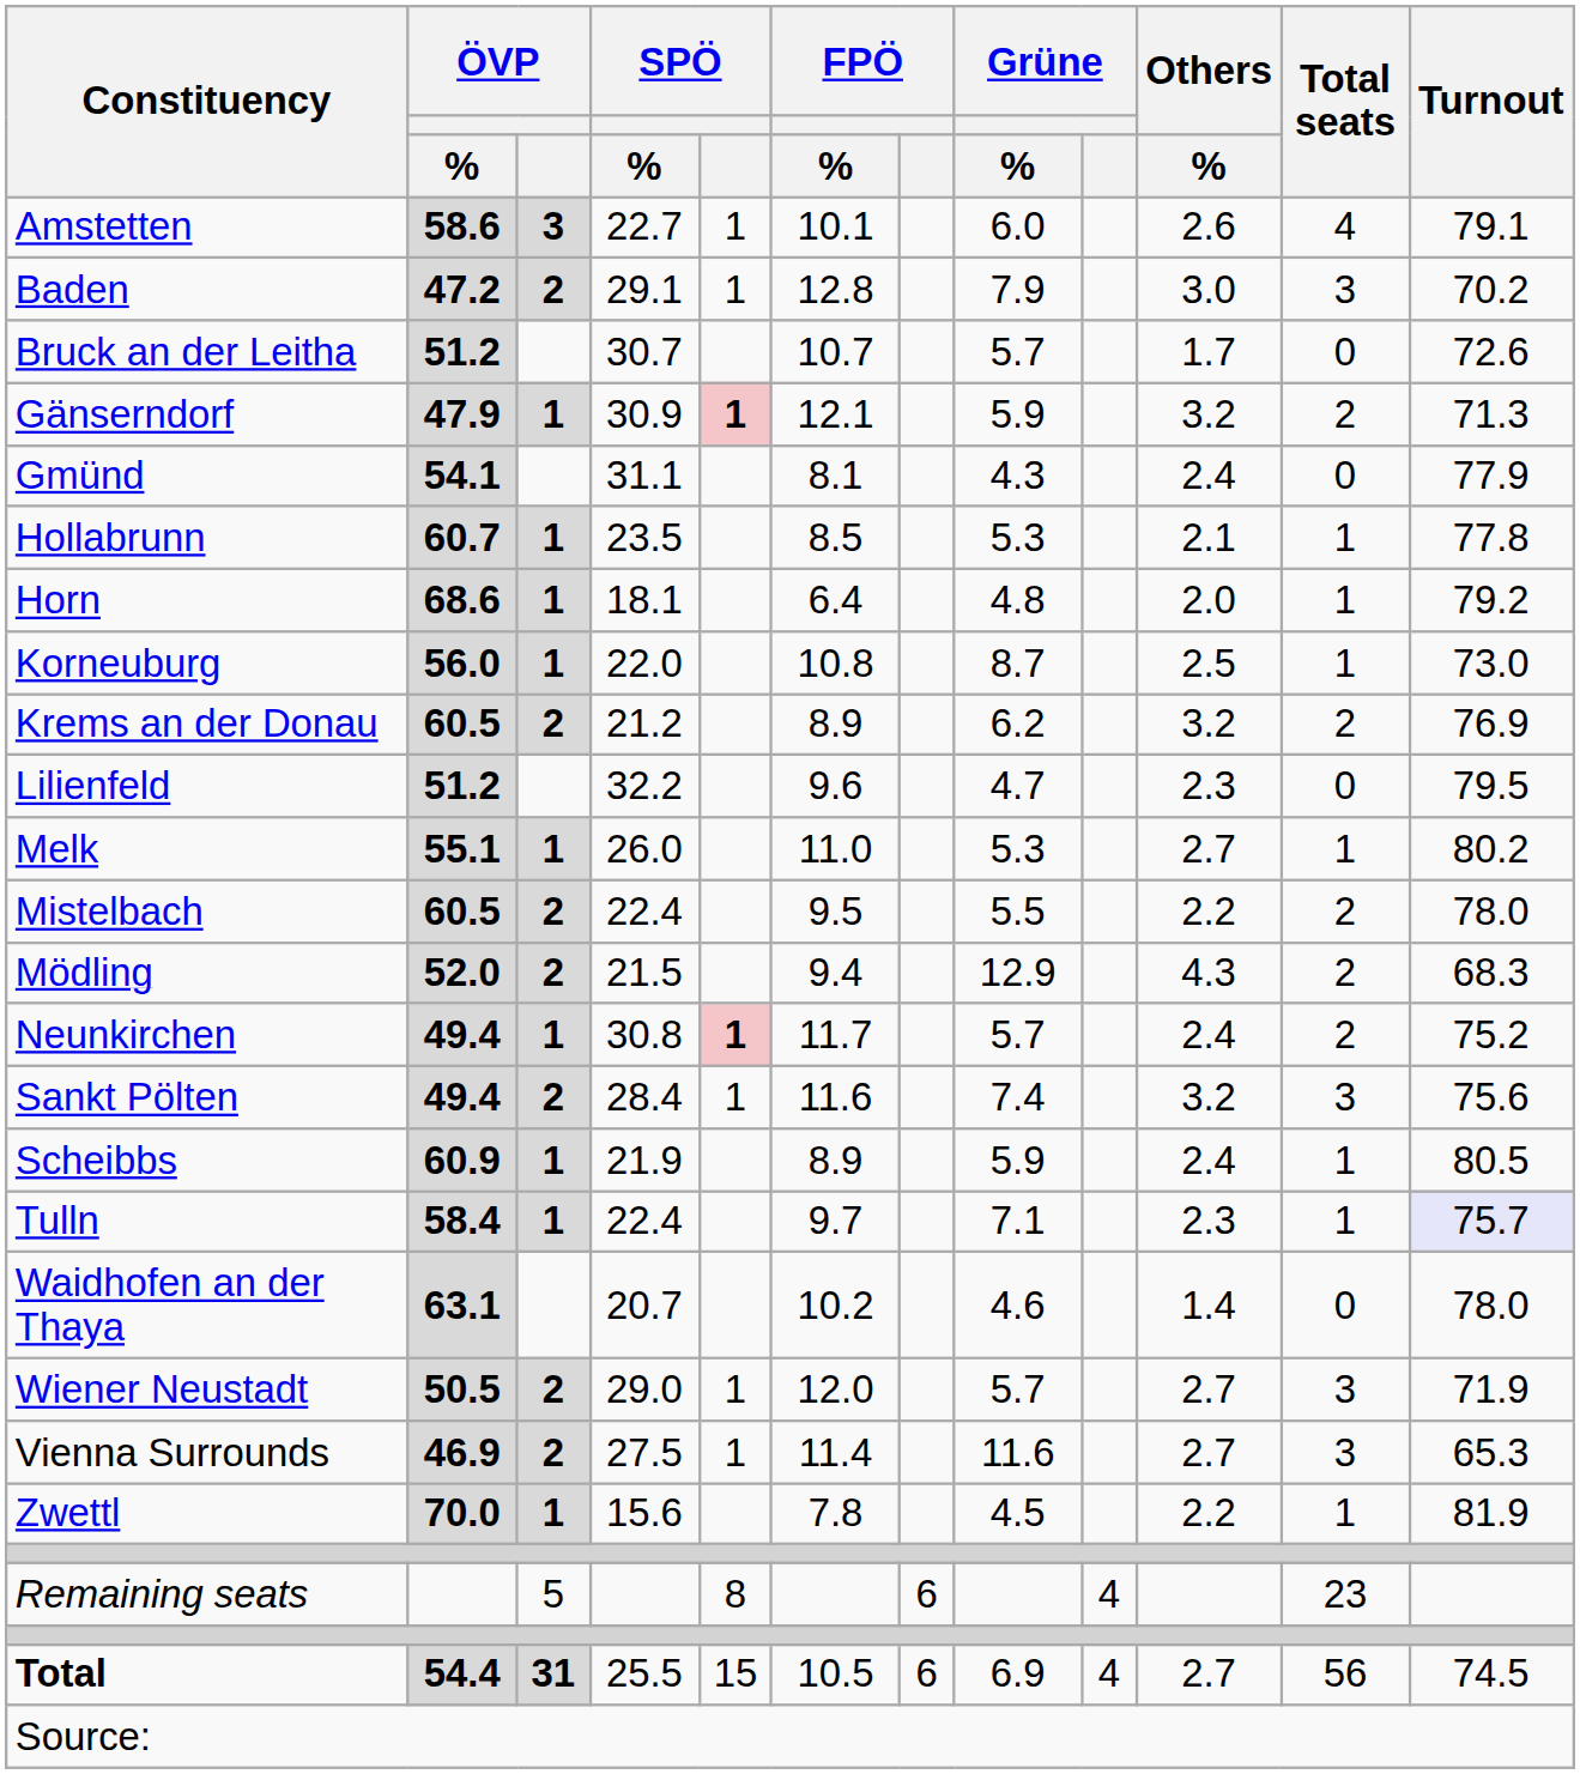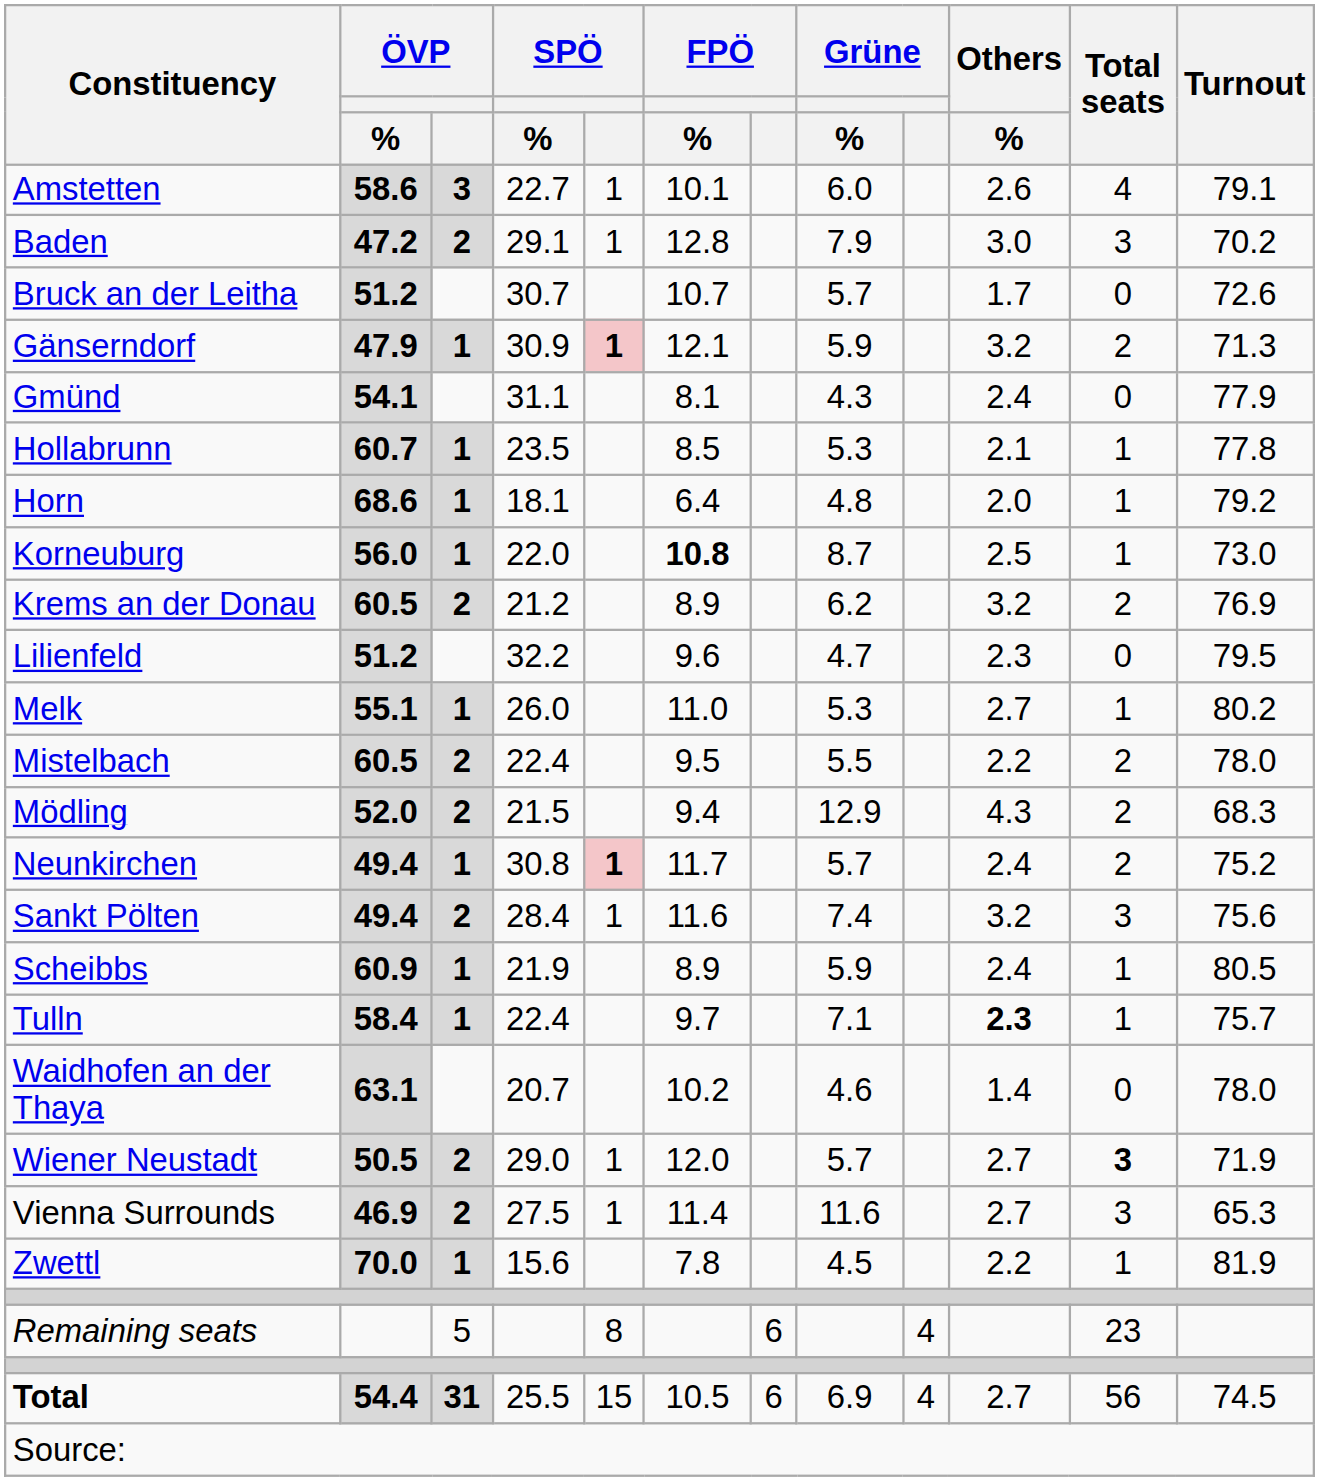 <table class="wikitable" style="text-align:center;font-size:90%;line-height:16px">
 <tr style="height:40px;">
 <th style="width:140px;" rowspan="3">Constituency</th>
 <th style="width:60px;" colspan="2"><a href='#'>ÖVP</a></th>
 <th style="width:60px;" colspan="2"><a href='#'>SPÖ</a></th>
 <th style="width:60px;" colspan="2"><a href='#'>FPÖ</a></th>
 <th style="width:60px;" colspan="2"><a href='#'>Grüne</a></th>
 <th class="unsortable" style="width:40px;" rowspan="2">Others</th>
 <th class="unsortable" style="width:40px;" rowspan="3">Total<br>seats</th>
 <th class="unsortable" style="width:40px;" rowspan="3">Turnout</th>
 </tr>
 <tr>
 <th colspan="2" style="background:"></th>
 <th colspan="2" style="background:"></th>
 <th colspan="2" style="background:"></th>
 <th colspan="2" style="background:"></th>
 </tr>
 <tr>
 <th class=unsortable>%</th>
 <th class=unsortable></th>
 <th class=unsortable>%</th>
 <th class=unsortable></th>
 <th class=unsortable>%</th>
 <th class=unsortable></th>
 <th class=unsortable>%</th>
 <th class=unsortable></th>
 <th class=unsortable>%</th>
 </tr>
 <tr>
 <td align=left><a href='#'>Amstetten</a></td>
 <td bgcolor=#D9D9D9><strong>58.6</strong></td>
 <td bgcolor=#D9D9D9><strong>3</strong></td>
 <td>22.7</td>
 <td>1</td>
 <td>10.1</td>
 <td></td>
 <td>6.0</td>
 <td></td>
 <td>2.6</td>
 <td>4</td>
 <td>79.1</td>
 </tr>
 <tr>
 <td align=left><a href='#'>Baden</a></td>
 <td bgcolor=#D9D9D9><strong>47.2</strong></td>
 <td bgcolor=#D9D9D9><strong>2</strong></td>
 <td>29.1</td>
 <td>1</td>
 <td>12.8</td>
 <td></td>
 <td>7.9</td>
 <td></td>
 <td>3.0</td>
 <td>3</td>
 <td>70.2</td>
 </tr>
 <tr>
 <td align=left><a href='#'>Bruck an der Leitha</a></td>
 <td bgcolor=#D9D9D9><strong>51.2</strong></td>
 <td></td>
 <td>30.7</td>
 <td></td>
 <td>10.7</td>
 <td></td>
 <td>5.7</td>
 <td></td>
 <td>1.7</td>
 <td>0</td>
 <td>72.6</td>
 </tr>
 <tr>
 <td align=left><a href='#'>Gänserndorf</a></td>
 <td bgcolor=#D9D9D9><strong>47.9</strong></td>
 <td bgcolor=#D9D9D9><strong>1</strong></td>
 <td>30.9</td>
 <td bgcolor=#F4C6C9><strong>1</strong></td>
 <td>12.1</td>
 <td></td>
 <td>5.9</td>
 <td></td>
 <td>3.2</td>
 <td>2</td>
 <td>71.3</td>
 </tr>
 <tr>
 <td align=left><a href='#'>Gmünd</a></td>
 <td bgcolor=#D9D9D9><strong>54.1</strong></td>
 <td></td>
 <td>31.1</td>
 <td></td>
 <td>8.1</td>
 <td></td>
 <td>4.3</td>
 <td></td>
 <td>2.4</td>
 <td>0</td>
 <td>77.9</td>
 </tr>
 <tr>
 <td align=left><a href='#'>Hollabrunn</a></td>
 <td bgcolor=#D9D9D9><strong>60.7</strong></td>
 <td bgcolor=#D9D9D9><strong>1</strong></td>
 <td>23.5</td>
 <td></td>
 <td>8.5</td>
 <td></td>
 <td>5.3</td>
 <td></td>
 <td>2.1</td>
 <td>1</td>
 <td>77.8</td>
 </tr>
 <tr>
 <td align=left><a href='#'>Horn</a></td>
 <td bgcolor=#D9D9D9><strong>68.6</strong></td>
 <td bgcolor=#D9D9D9><strong>1</strong></td>
 <td>18.1</td>
 <td></td>
 <td>6.4</td>
 <td></td>
 <td>4.8</td>
 <td></td>
 <td>2.0</td>
 <td>1</td>
 <td>79.2</td>
 </tr>
 <tr>
 <td align=left><a href='#'>Korneuburg</a></td>
 <td bgcolor=#D9D9D9><strong>56.0</strong></td>
 <td bgcolor=#D9D9D9><strong>1</strong></td>
 <td>22.0</td>
 <td></td>
-<td>10.8</td>
+<td><strong>10.8</strong></td>
 <td></td>
 <td>8.7</td>
 <td></td>
 <td>2.5</td>
 <td>1</td>
 <td>73.0</td>
 </tr>
 <tr>
 <td align=left><a href='#'>Krems an der Donau</a></td>
 <td bgcolor=#D9D9D9><strong>60.5</strong></td>
 <td bgcolor=#D9D9D9><strong>2</strong></td>
 <td>21.2</td>
 <td></td>
 <td>8.9</td>
 <td></td>
 <td>6.2</td>
 <td></td>
 <td>3.2</td>
 <td>2</td>
 <td>76.9</td>
 </tr>
 <tr>
 <td align=left><a href='#'>Lilienfeld</a></td>
 <td bgcolor=#D9D9D9><strong>51.2</strong></td>
 <td></td>
 <td>32.2</td>
 <td></td>
 <td>9.6</td>
 <td></td>
 <td>4.7</td>
 <td></td>
 <td>2.3</td>
 <td>0</td>
 <td>79.5</td>
 </tr>
 <tr>
 <td align=left><a href='#'>Melk</a></td>
 <td bgcolor=#D9D9D9><strong>55.1</strong></td>
 <td bgcolor=#D9D9D9><strong>1</strong></td>
 <td>26.0</td>
 <td></td>
 <td>11.0</td>
 <td></td>
 <td>5.3</td>
 <td></td>
 <td>2.7</td>
 <td>1</td>
 <td>80.2</td>
 </tr>
 <tr>
 <td align=left><a href='#'>Mistelbach</a></td>
 <td bgcolor=#D9D9D9><strong>60.5</strong></td>
 <td bgcolor=#D9D9D9><strong>2</strong></td>
 <td>22.4</td>
 <td></td>
 <td>9.5</td>
 <td></td>
 <td>5.5</td>
 <td></td>
 <td>2.2</td>
 <td>2</td>
 <td>78.0</td>
 </tr>
 <tr>
 <td align=left><a href='#'>Mödling</a></td>
 <td bgcolor=#D9D9D9><strong>52.0</strong></td>
 <td bgcolor=#D9D9D9><strong>2</strong></td>
 <td>21.5</td>
 <td></td>
 <td>9.4</td>
 <td></td>
 <td>12.9</td>
 <td></td>
 <td>4.3</td>
 <td>2</td>
 <td>68.3</td>
 </tr>
 <tr>
 <td align=left><a href='#'>Neunkirchen</a></td>
 <td bgcolor=#D9D9D9><strong>49.4</strong></td>
 <td bgcolor=#D9D9D9><strong>1</strong></td>
 <td>30.8</td>
 <td bgcolor=#F4C6C9><strong>1</strong></td>
 <td>11.7</td>
 <td></td>
 <td>5.7</td>
 <td></td>
 <td>2.4</td>
 <td>2</td>
 <td>75.2</td>
 </tr>
 <tr>
 <td align=left><a href='#'>Sankt Pölten</a></td>
 <td bgcolor=#D9D9D9><strong>49.4</strong></td>
 <td bgcolor=#D9D9D9><strong>2</strong></td>
 <td>28.4</td>
 <td>1</td>
 <td>11.6</td>
 <td></td>
 <td>7.4</td>
 <td></td>
 <td>3.2</td>
 <td>3</td>
 <td>75.6</td>
 </tr>
 <tr>
 <td align=left><a href='#'>Scheibbs</a></td>
 <td bgcolor=#D9D9D9><strong>60.9</strong></td>
 <td bgcolor=#D9D9D9><strong>1</strong></td>
 <td>21.9</td>
 <td></td>
 <td>8.9</td>
 <td></td>
 <td>5.9</td>
 <td></td>
 <td>2.4</td>
 <td>1</td>
 <td>80.5</td>
 </tr>
 <tr>
 <td align=left><a href='#'>Tulln</a></td>
 <td bgcolor=#D9D9D9><strong>58.4</strong></td>
 <td bgcolor=#D9D9D9><strong>1</strong></td>
 <td>22.4</td>
 <td></td>
 <td>9.7</td>
 <td></td>
 <td>7.1</td>
 <td></td>
-<td>2.3</td>
+<td><strong>2.3</strong></td>
 <td>1</td>
-<td style="background: lavender;">75.7</td>
+<td>75.7</td>
 </tr>
 <tr>
 <td align=left><a href='#'>Waidhofen an der Thaya</a></td>
 <td bgcolor=#D9D9D9><strong>63.1</strong></td>
 <td></td>
 <td>20.7</td>
 <td></td>
 <td>10.2</td>
 <td></td>
 <td>4.6</td>
 <td></td>
 <td>1.4</td>
 <td>0</td>
 <td>78.0</td>
 </tr>
 <tr>
 <td align=left><a href='#'>Wiener Neustadt</a></td>
 <td bgcolor=#D9D9D9><strong>50.5</strong></td>
 <td bgcolor=#D9D9D9><strong>2</strong></td>
 <td>29.0</td>
 <td>1</td>
 <td>12.0</td>
 <td></td>
 <td>5.7</td>
 <td></td>
 <td>2.7</td>
-<td>3</td>
+<td><strong>3</strong></td>
 <td>71.9</td>
 </tr>
 <tr>
 <td align=left>Vienna Surrounds</td>
 <td bgcolor=#D9D9D9><strong>46.9</strong></td>
 <td bgcolor=#D9D9D9><strong>2</strong></td>
 <td>27.5</td>
 <td>1</td>
 <td>11.4</td>
 <td></td>
 <td>11.6</td>
 <td></td>
 <td>2.7</td>
 <td>3</td>
 <td>65.3</td>
 </tr>
 <tr>
 <td align=left><a href='#'>Zwettl</a></td>
 <td bgcolor=#D9D9D9><strong>70.0</strong></td>
 <td bgcolor=#D9D9D9><strong>1</strong></td>
 <td>15.6</td>
 <td></td>
 <td>7.8</td>
 <td></td>
 <td>4.5</td>
 <td></td>
 <td>2.2</td>
 <td>1</td>
 <td>81.9</td>
 </tr>
 <tr>
 <td colspan=14 bgcolor=lightgrey></td>
 </tr>
 <tr>
 <td align=left><em>Remaining seats</em></td>
 <td></td>
 <td>5</td>
 <td></td>
 <td>8</td>
 <td></td>
 <td>6</td>
 <td></td>
 <td>4</td>
 <td></td>
 <td>23</td>
 <td></td>
 </tr>
 <tr>
 <td colspan=14 bgcolor=lightgrey></td>
 </tr>
 <tr>
 <td align=left><strong>Total</strong></td>
 <td bgcolor=#D9D9D9><strong>54.4</strong></td>
 <td bgcolor=#D9D9D9><strong>31</strong></td>
 <td>25.5</td>
 <td>15</td>
 <td>10.5</td>
 <td>6</td>
 <td>6.9</td>
 <td>4</td>
 <td>2.7</td>
 <td>56</td>
 <td>74.5</td>
 </tr>
 <tr class=sortbottom>
 <td colspan=14 align=left>Source: </td>
 </tr>
 </table>
